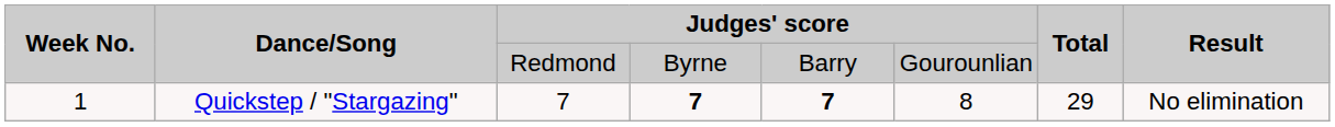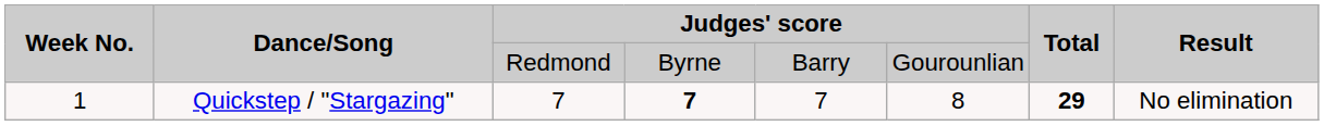 <table class="wikitable collapsible">
 <tr>
 <th rowspan="2" style="background:#ccc; text-align:Center;"><strong>Week No.</strong></th>
 <th rowspan="2" style="background:#ccc; text-align:Center;"><strong>Dance/Song</strong></th>
 <th colspan="4" style="background:#ccc; text-align:Center;"><strong>Judges' score</strong></th>
 <th rowspan="2" style="background:#ccc; text-align:Center;"><strong>Total</strong></th>
 <th rowspan="2" style="background:#ccc; text-align:Center;"><strong>Result</strong></th>
 </tr>
 <tr style="text-align:center; background:#ccc;">
 <td style="width:10%; ">Redmond</td>
 <td style="width:10%; ">Byrne</td>
 <td style="width:10%; ">Barry</td>
 <td style="width:10%; ">Gourounlian</td>
 </tr>
 <tr style="text-align:center; background:#faf6f6;">
 <td>1</td>
 <td><a href='#'>Quickstep</a> / "<a href='#'>Stargazing</a>"</td>
 <td>7</td>
 <td><strong>7</strong></td>
-<td><strong>7</strong></td>
+<td>7</td>
 <td>8</td>
-<td>29</td>
+<td><strong>29</strong></td>
 <td>No elimination</td>
 </tr>
 </table>
